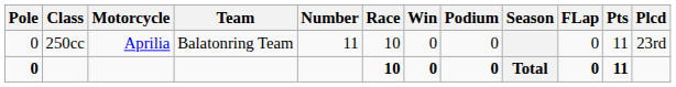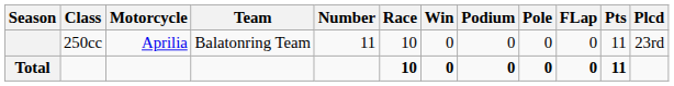 <table class="wikitable">
 <tr>
-<th>Pole</th>
+<th>Season</th>
 <th>Class</th>
 <th>Motorcycle</th>
 <th>Team</th>
 <th>Number</th>
 <th>Race</th>
 <th>Win</th>
 <th>Podium</th>
-<th>Season</th>
+<th>Pole</th>
 <th>FLap</th>
 <th>Pts</th>
 <th>Plcd</th>
 </tr>
 <tr align="right">
-<td>0</td>
+<th></th>
 <td>250cc</td>
 <td><a href='#'>Aprilia</a></td>
 <td>Balatonring Team</td>
 <td>11</td>
 <td>10</td>
 <td>0</td>
 <td>0</td>
-<th></th>
+<td>0</td>
 <td>0</td>
 <td>11</td>
 <td>23rd</td>
 </tr>
 <tr align="right">
-<td><strong>0</strong></td>
+<th>Total</th>
 <td></td>
 <td></td>
 <td></td>
 <td></td>
 <td><strong>10</strong></td>
 <td><strong>0</strong></td>
 <td><strong>0</strong></td>
-<th>Total</th>
+<td><strong>0</strong></td>
 <td><strong>0</strong></td>
 <td><strong>11</strong></td>
 <td></td>
 </tr>
 </table>
